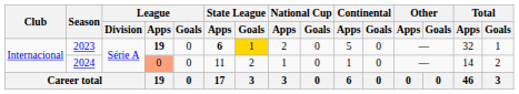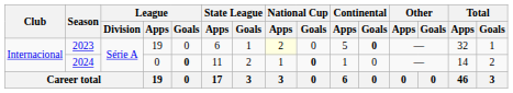 <table class="wikitable" style="text-align:center">
 <tr>
 <th rowspan="2">Club</th>
 <th rowspan="2">Season</th>
 <th colspan="3">League</th>
 <th colspan="2">State League</th>
 <th colspan="2">National Cup</th>
 <th colspan="2">Continental</th>
 <th colspan="2">Other</th>
 <th colspan="2">Total</th>
 </tr>
 <tr>
 <th>Division</th>
 <th>Apps</th>
 <th>Goals</th>
 <th>Apps</th>
 <th>Goals</th>
 <th>Apps</th>
 <th>Goals</th>
 <th>Apps</th>
 <th>Goals</th>
 <th>Apps</th>
 <th>Goals</th>
 <th>Apps</th>
 <th>Goals</th>
 </tr>
 <tr>
 <td rowspan="2"><a href='#'>Internacional</a></td>
 <td><a href='#'>2023</a></td>
 <td rowspan="2"><a href='#'>Série A</a></td>
-<td><strong>19</strong></td>
+<td>19</td>
 <td>0</td>
-<td><strong>6</strong></td>
-<td style="background: gold;">1</td>
-<td>2</td>
+<td>6</td>
+<td>1</td>
+<td style="background: lightyellow;">2</td>
 <td>0</td>
 <td>5</td>
-<td>0</td>
+<td><strong>0</strong></td>
 <td colspan="2">—</td>
 <td>32</td>
 <td>1</td>
 </tr>
 <tr>
 <td><a href='#'>2024</a></td>
-<td style="background: lightsalmon;">0</td>
 <td>0</td>
+<td><strong>0</strong></td>
 <td>11</td>
 <td>2</td>
 <td>1</td>
-<td>0</td>
+<td><strong>0</strong></td>
 <td>1</td>
 <td>0</td>
 <td colspan="2">—</td>
 <td>14</td>
 <td>2</td>
 </tr>
 <tr>
 <th colspan="3">Career total</th>
 <th>19</th>
 <th>0</th>
 <th>17</th>
 <th>3</th>
 <th>3</th>
 <th>0</th>
 <th>6</th>
 <th>0</th>
 <th>0</th>
 <th>0</th>
 <th>46</th>
 <th>3</th>
 </tr>
 </table>
